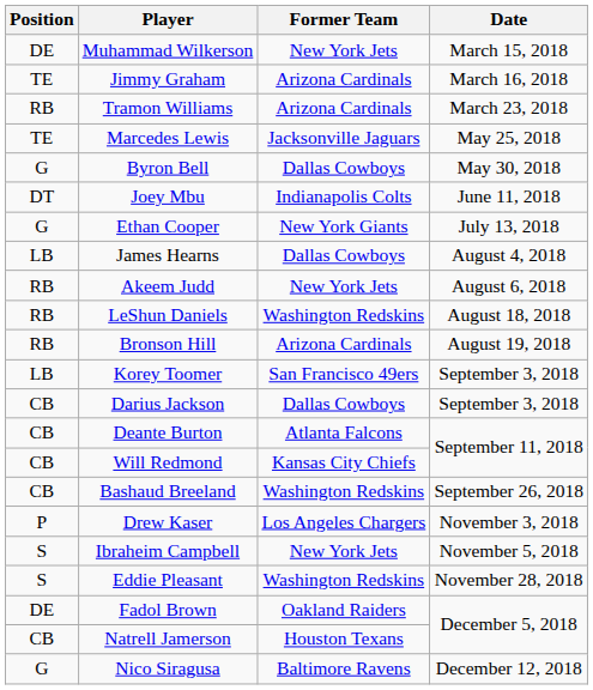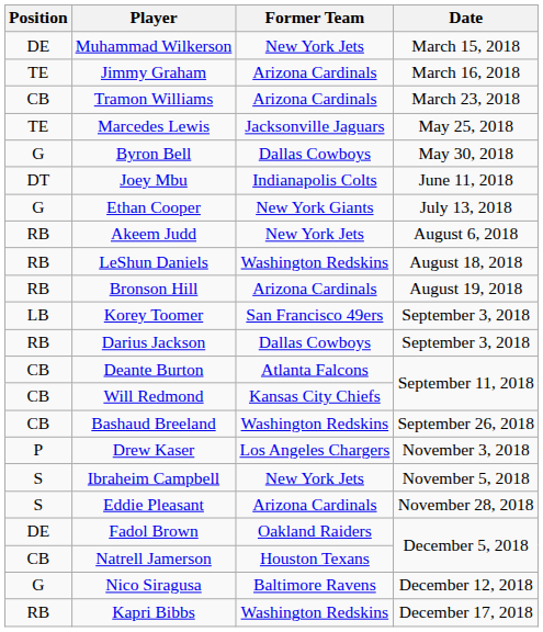 <table class="wikitable" style="text-align:center">
 <tr>
 <th>Position</th>
 <th>Player</th>
 <th>Former Team</th>
 <th>Date</th>
 </tr>
 <tr>
 <td>DE</td>
 <td><a href='#'>Muhammad Wilkerson</a></td>
 <td><a href='#'>New York Jets</a></td>
 <td>March 15, 2018</td>
 </tr>
 <tr>
 <td>TE</td>
 <td><a href='#'>Jimmy Graham</a></td>
 <td><a href='#'>Arizona Cardinals</a></td>
 <td>March 16, 2018</td>
 </tr>
 <tr>
-<td>RB</td>
+<td>CB</td>
 <td><a href='#'>Tramon Williams</a></td>
 <td><a href='#'>Arizona Cardinals</a></td>
 <td>March 23, 2018</td>
 </tr>
 <tr>
 <td>TE</td>
 <td><a href='#'>Marcedes Lewis</a></td>
 <td><a href='#'>Jacksonville Jaguars</a></td>
 <td>May 25, 2018</td>
 </tr>
 <tr>
 <td>G</td>
 <td><a href='#'>Byron Bell</a></td>
 <td><a href='#'>Dallas Cowboys</a></td>
 <td>May 30, 2018</td>
 </tr>
 <tr>
 <td>DT</td>
 <td><a href='#'>Joey Mbu</a></td>
 <td><a href='#'>Indianapolis Colts</a></td>
 <td>June 11, 2018</td>
 </tr>
 <tr>
 <td>G</td>
 <td><a href='#'>Ethan Cooper</a></td>
 <td><a href='#'>New York Giants</a></td>
 <td>July 13, 2018</td>
 </tr>
 <tr>
-<td>LB</td>
-<td>James Hearns</td>
-<td><a href='#'>Dallas Cowboys</a></td>
-<td>August 4, 2018</td>
-</tr>
-<tr>
 <td>RB</td>
 <td><a href='#'>Akeem Judd</a></td>
 <td><a href='#'>New York Jets</a></td>
 <td>August 6, 2018</td>
 </tr>
 <tr>
 <td>RB</td>
 <td><a href='#'>LeShun Daniels</a></td>
 <td><a href='#'>Washington Redskins</a></td>
 <td>August 18, 2018</td>
 </tr>
 <tr>
 <td>RB</td>
 <td><a href='#'>Bronson Hill</a></td>
 <td><a href='#'>Arizona Cardinals</a></td>
 <td>August 19, 2018</td>
 </tr>
 <tr>
 <td>LB</td>
 <td><a href='#'>Korey Toomer</a></td>
 <td><a href='#'>San Francisco 49ers</a></td>
 <td>September 3, 2018</td>
 </tr>
 <tr>
-<td>CB</td>
+<td>RB</td>
 <td><a href='#'>Darius Jackson</a></td>
 <td><a href='#'>Dallas Cowboys</a></td>
 <td>September 3, 2018</td>
 </tr>
 <tr>
 <td>CB</td>
 <td><a href='#'>Deante Burton</a></td>
 <td><a href='#'>Atlanta Falcons</a></td>
 <td rowspan=2>September 11, 2018</td>
 </tr>
 <tr>
 <td>CB</td>
 <td><a href='#'>Will Redmond</a></td>
 <td><a href='#'>Kansas City Chiefs</a></td>
 </tr>
 <tr>
 <td>CB</td>
 <td><a href='#'>Bashaud Breeland</a></td>
 <td><a href='#'>Washington Redskins</a></td>
 <td>September 26, 2018</td>
 </tr>
 <tr>
 <td>P</td>
 <td><a href='#'>Drew Kaser</a></td>
 <td><a href='#'>Los Angeles Chargers</a></td>
 <td>November 3, 2018</td>
 </tr>
 <tr>
 <td>S</td>
 <td><a href='#'>Ibraheim Campbell</a></td>
 <td><a href='#'>New York Jets</a></td>
 <td>November 5, 2018</td>
 </tr>
 <tr>
 <td>S</td>
 <td><a href='#'>Eddie Pleasant</a></td>
-<td><a href='#'>Washington Redskins</a></td>
+<td><a href='#'>Arizona Cardinals</a></td>
 <td>November 28, 2018</td>
 </tr>
 <tr>
 <td>DE</td>
 <td><a href='#'>Fadol Brown</a></td>
 <td><a href='#'>Oakland Raiders</a></td>
 <td rowspan=2>December 5, 2018</td>
 </tr>
 <tr>
 <td>CB</td>
 <td><a href='#'>Natrell Jamerson</a></td>
 <td><a href='#'>Houston Texans</a></td>
 </tr>
 <tr>
 <td>G</td>
 <td><a href='#'>Nico Siragusa</a></td>
 <td><a href='#'>Baltimore Ravens</a></td>
 <td>December 12, 2018</td>
 </tr>
+<tr>
+<td>RB</td>
+<td><a href='#'>Kapri Bibbs</a></td>
+<td><a href='#'>Washington Redskins</a></td>
+<td>December 17, 2018</td>
+</tr>
 </table>
